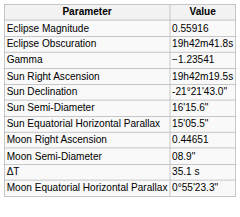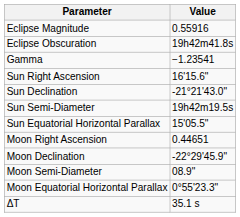 <table class="wikitable">
 <tr>
 <th>Parameter</th>
 <th>Value</th>
 </tr>
 <tr>
 <td>Eclipse Magnitude</td>
 <td>0.55916</td>
 </tr>
 <tr>
 <td>Eclipse Obscuration</td>
 <td>19h42m41.8s</td>
 </tr>
 <tr>
 <td>Gamma</td>
 <td>−1.23541</td>
 </tr>
 <tr>
 <td>Sun Right Ascension</td>
-<td>19h42m19.5s</td>
+<td>16'15.6"</td>
 </tr>
 <tr>
 <td>Sun Declination</td>
 <td>-21°21'43.0"</td>
 </tr>
 <tr>
 <td>Sun Semi-Diameter</td>
-<td>16'15.6"</td>
+<td>19h42m19.5s</td>
 </tr>
 <tr>
 <td>Sun Equatorial Horizontal Parallax</td>
 <td>15'05.5"</td>
 </tr>
 <tr>
 <td>Moon Right Ascension</td>
 <td>0.44651</td>
 </tr>
 <tr>
+<td>Moon Declination</td>
+<td>-22°29'45.9"</td>
+</tr>
+<tr>
 <td>Moon Semi-Diameter</td>
 <td>08.9"</td>
+</tr>
+<tr>
+<td>Moon Equatorial Horizontal Parallax</td>
+<td>0°55'23.3"</td>
 </tr>
 <tr>
 <td>ΔT</td>
 <td>35.1 s</td>
 </tr>
-<tr>
-<td>Moon Equatorial Horizontal Parallax</td>
-<td>0°55'23.3"</td>
-</tr>
 </table>
